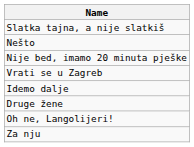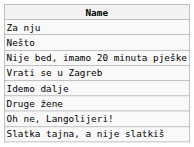 <table class="wikitable">
 <tr>
 <th>Name</th>
 </tr>
 <tr>
-<td>Slatka tajna, a nije slatkiš</td>
+<td>Za nju</td>
 </tr>
 <tr>
 <td>Nešto</td>
 </tr>
 <tr>
 <td>Nije bed, imamo 20 minuta pješke</td>
 </tr>
 <tr>
 <td>Vrati se u Zagreb</td>
 </tr>
 <tr>
 <td>Idemo dalje</td>
 </tr>
 <tr>
 <td>Druge žene</td>
 </tr>
 <tr>
 <td>Oh ne, Langolijeri!</td>
 </tr>
 <tr>
-<td>Za nju</td>
+<td>Slatka tajna, a nije slatkiš</td>
 </tr>
 </table>
